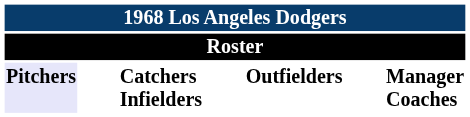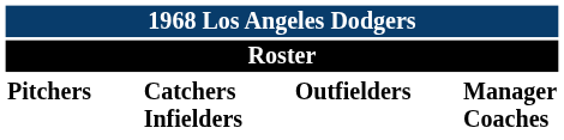 <table class="toccolours" style="font-size: 95%;">
 <tr>
 <th colspan="10" style="background-color: #083c6b; color: white; text-align: center;">1968 Los Angeles Dodgers</th>
 </tr>
 <tr>
 <td colspan="10" style="background-color: black; color: white; text-align: center;"><strong>Roster</strong></td>
 </tr>
 <tr>
-<td valign="top" style="background: lavender;"><strong>Pitchers</strong><br>             </td>
+<td valign="top"><strong>Pitchers</strong><br>             </td>
 <td width="25px"></td>
 <td valign="top"><strong>Catchers</strong><br>   <strong>Infielders</strong>         </td>
 <td width="25px"></td>
 <td valign="top"><strong>Outfielders</strong><br>        </td>
 <td width="25px"></td>
 <td valign="top"><strong>Manager</strong><br> <strong>Coaches</strong>     </td>
 </tr>
 </table>
